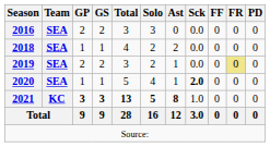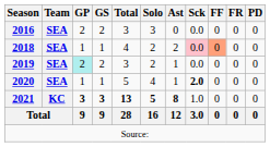 <table class="wikitable" style="text-align: center;">
 <tr>
 <th>Season</th>
 <th>Team</th>
 <th>GP</th>
 <th>GS</th>
 <th>Total</th>
 <th>Solo</th>
 <th>Ast</th>
 <th>Sck</th>
 <th>FF</th>
 <th>FR</th>
 <th>PD</th>
 </tr>
 <tr>
 <th><a href='#'>2016</a></th>
 <th><a href='#'>SEA</a></th>
 <td>2</td>
 <td>2</td>
 <td>3</td>
 <td>3</td>
 <td>0</td>
 <td>0.0</td>
 <td>0</td>
 <td>0</td>
 <td>0</td>
 </tr>
 <tr>
 <th><a href='#'>2018</a></th>
 <th><a href='#'>SEA</a></th>
 <td>1</td>
 <td>1</td>
 <td>4</td>
 <td>2</td>
 <td>2</td>
-<td>0.0</td>
-<td>0</td>
+<td style="background: pink;">0.0</td>
+<td style="background: lightsalmon;">0</td>
 <td>0</td>
 <td>0</td>
 </tr>
 <tr>
 <th><a href='#'>2019</a></th>
 <th><a href='#'>SEA</a></th>
-<td>2</td>
+<td style="background: paleturquoise;">2</td>
 <td>2</td>
 <td>3</td>
 <td>2</td>
 <td>1</td>
 <td>0.0</td>
 <td>0</td>
-<td style="background: khaki;">0</td>
+<td>0</td>
 <td>0</td>
 </tr>
 <tr>
 <th><a href='#'>2020</a></th>
 <th><a href='#'>SEA</a></th>
 <td>1</td>
 <td>1</td>
 <td>5</td>
 <td>4</td>
 <td>1</td>
 <td><strong>2.0</strong></td>
 <td>0</td>
 <td>0</td>
 <td>0</td>
 </tr>
 <tr>
 <th><a href='#'>2021</a></th>
 <th><a href='#'>KC</a></th>
 <td><strong>3</strong></td>
 <td><strong>3</strong></td>
 <td><strong>13</strong></td>
 <td><strong>5</strong></td>
 <td><strong>8</strong></td>
 <td>1.0</td>
 <td>0</td>
 <td>0</td>
 <td>0</td>
 </tr>
 <tr>
 <th colspan="2">Total</th>
 <th>9</th>
 <th>9</th>
 <th>28</th>
 <th>16</th>
 <th>12</th>
 <th>3.0</th>
 <th>0</th>
 <th>0</th>
 <th>0</th>
 </tr>
 <tr>
 <td colspan="11"><small>Source: </small></td>
 </tr>
 </table>
